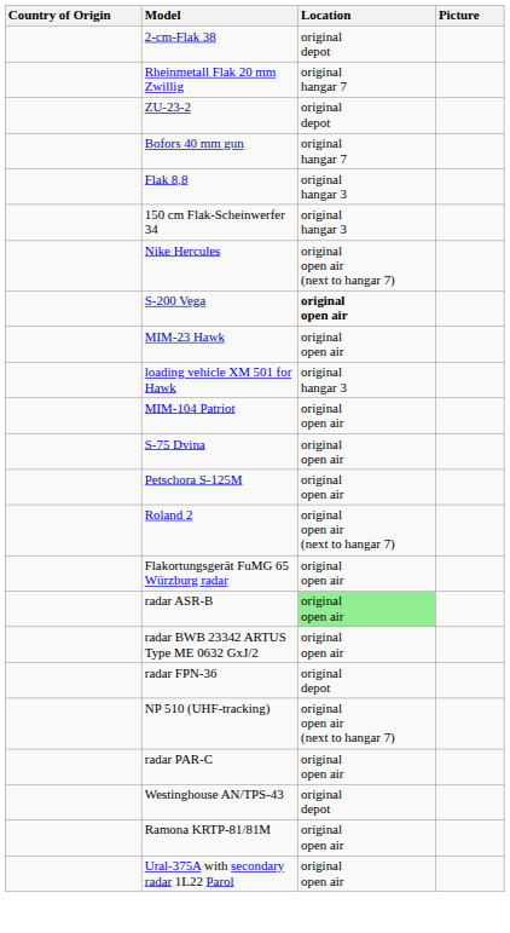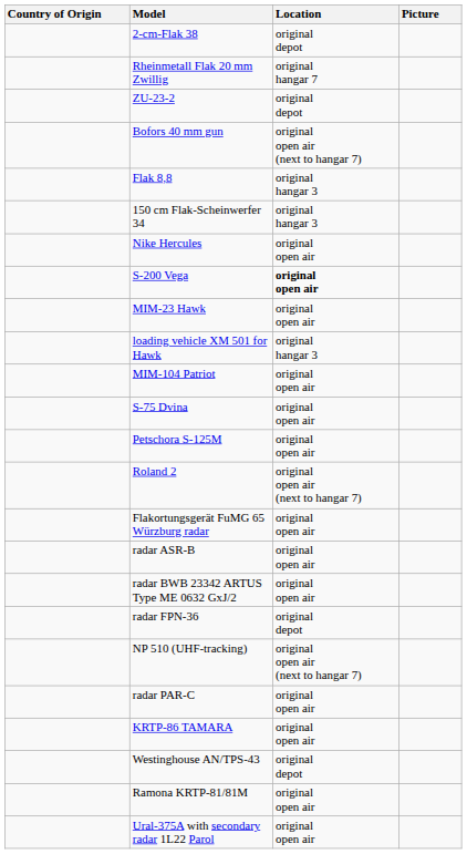 <table class="wikitable sortable">
 <tr>
 <th style="text-align:left" width=250px>Country of Origin</th>
 <th ! style="text-align:left" width=250px>Model</th>
 <th ! style="text-align:left" width=250px class="unsortable">Location</th>
 <th ! style="text-align:left" width=100px class="unsortable">Picture</th>
 </tr>
 <tr style="vertical-align:top">
 <td style="text-align:left"></td>
 <td style="text-align:left"><a href='#'>2-cm-Flak 38</a></td>
 <td style="text-align:left">original<br>depot</td>
 <td style="text-align:left"></td>
 </tr>
 <tr style="vertical-align:top">
 <td style="text-align:left"></td>
 <td style="text-align:left"><a href='#'>Rheinmetall Flak 20 mm Zwillig</a></td>
 <td style="text-align:left">original<br> hangar 7</td>
 <td style="text-align:left"></td>
 </tr>
 <tr style="vertical-align:top">
 <td style="text-align:left"></td>
 <td style="text-align:left"><a href='#'>ZU-23-2</a></td>
 <td style="text-align:left">original<br>depot</td>
 <td style="text-align:left"></td>
 </tr>
 <tr style="vertical-align:top">
 <td style="text-align:left"></td>
 <td style="text-align:left"><a href='#'>Bofors 40 mm gun</a></td>
-<td style="text-align:left">original<br>hangar 7</td>
+<td style="text-align:left">original<br>open air<br>(next to hangar 7)</td>
 <td style="text-align:left"></td>
 </tr>
 <tr style="vertical-align:top">
 <td style="text-align:left"></td>
 <td style="text-align:left"><a href='#'>Flak 8,8</a></td>
 <td style="text-align:left">original<br>hangar 3</td>
 <td style="text-align:left"></td>
 </tr>
 <tr style="vertical-align:top">
 <td style="text-align:left"></td>
 <td style="text-align:left">150 cm Flak-Scheinwerfer 34</td>
 <td style="text-align:left">original<br>hangar 3</td>
 <td style="text-align:left"></td>
 </tr>
 <tr style="vertical-align:top">
 <td style="text-align:left"></td>
 <td style="text-align:left"><a href='#'>Nike Hercules</a></td>
-<td style="text-align:left">original<br>open air<br>(next to hangar 7)</td>
+<td style="text-align:left">original<br>open air</td>
 <td style="text-align:left"></td>
 </tr>
 <tr style="vertical-align:top">
 <td style="text-align:left"></td>
 <td style="text-align:left"><a href='#'>S-200 Vega</a></td>
 <td style="text-align:left"><strong>original<br>open air</strong></td>
 <td style="text-align:left"></td>
 </tr>
 <tr style="vertical-align:top">
 <td style="text-align:left"></td>
 <td style="text-align:left"><a href='#'>MIM-23 Hawk</a></td>
 <td style="text-align:left">original<br>open air</td>
 <td style="text-align:left"></td>
 </tr>
 <tr style="vertical-align:top">
 <td style="text-align:left"></td>
 <td style="text-align:left"><a href='#'>loading vehicle XM 501 for Hawk</a></td>
 <td style="text-align:left">original<br>hangar 3</td>
 <td style="text-align:left"></td>
 </tr>
 <tr style="vertical-align:top">
 <td style="text-align:left"></td>
 <td style="text-align:left"><a href='#'>MIM-104 Patriot</a></td>
 <td style="text-align:left">original<br>open air</td>
 <td style="text-align:left"></td>
 </tr>
 <tr style="vertical-align:top">
 <td style="text-align:left"></td>
 <td style="text-align:left"><a href='#'>S-75 Dvina</a></td>
 <td style="text-align:left">original<br>open air</td>
 <td style="text-align:left"></td>
 </tr>
 <tr style="vertical-align:top">
 <td style="text-align:left"></td>
 <td style="text-align:left"><a href='#'>Petschora S-125M</a></td>
 <td style="text-align:left">original<br>open air</td>
 <td style="text-align:left"></td>
 </tr>
 <tr style="vertical-align:top">
 <td style="text-align:left"></td>
 <td style="text-align:left"><a href='#'>Roland 2</a></td>
 <td style="text-align:left">original<br>open air<br>(next to hangar 7)</td>
 <td style="text-align:left"></td>
 </tr>
 <tr style="vertical-align:top">
 <td style="text-align:left"></td>
 <td style="text-align:left">Flakortungsgerät FuMG 65<br><a href='#'>Würzburg radar</a></td>
 <td style="text-align:left">original<br>open air</td>
 <td style="text-align:left"></td>
 </tr>
 <tr style="vertical-align:top">
 <td style="text-align:left"></td>
 <td style="text-align:left">radar ASR-B</td>
-<td style="background: lightgreen; text-align:left">original<br>open air<br></td>
+<td style="text-align:left">original<br>open air<br></td>
 <td style="text-align:left"></td>
 </tr>
 <tr style="vertical-align:top">
 <td style="text-align:left"></td>
 <td style="text-align:left">radar BWB 23342 ARTUS Type ME 0632 GxJ/2</td>
 <td style="text-align:left">original<br>open air<br></td>
 <td style="text-align:left"></td>
 </tr>
 <tr style="vertical-align:top">
 <td style="text-align:left"></td>
 <td style="text-align:left">radar FPN-36</td>
 <td style="text-align:left">original<br>depot</td>
 <td style="text-align:left"></td>
 </tr>
 <tr style="vertical-align:top">
 <td style="text-align:left"></td>
 <td style="text-align:left">NP 510 (UHF-tracking)</td>
 <td style="text-align:left">original<br>open air<br>(next to hangar 7)</td>
 <td style="text-align:left"></td>
 </tr>
 <tr style="vertical-align:top">
 <td style="text-align:left"></td>
 <td style="text-align:left">radar PAR-C</td>
 <td style="text-align:left">original<br>open air<br></td>
 <td style="text-align:left"></td>
 </tr>
 <tr style="vertical-align:top">
 <td style="text-align:left"></td>
+<td style="text-align:left"><a href='#'>KRTP-86 TAMARA</a></td>
+<td style="text-align:left">original<br>open air</td>
+<td style="text-align:left"></td>
+</tr>
+<tr style="vertical-align:top">
+<td style="text-align:left"></td>
 <td style="text-align:left">Westinghouse AN/TPS-43</td>
 <td style="text-align:left">original<br>depot</td>
 <td style="text-align:left"></td>
 </tr>
 <tr style="vertical-align:top">
 <td style="text-align:left"></td>
 <td style="text-align:left">Ramona KRTP-81/81M</td>
 <td style="text-align:left">original<br>open air</td>
 <td style="text-align:left"></td>
 </tr>
 <tr style="vertical-align:top">
 <td style="text-align:left"></td>
 <td style="text-align:left"><a href='#'>Ural-375A</a> with <a href='#'>secondary radar</a> 1L22 <a href='#'>Parol</a></td>
 <td style="text-align:left">original<br>open air</td>
 <td style="text-align:left"></td>
 </tr>
 </table>
